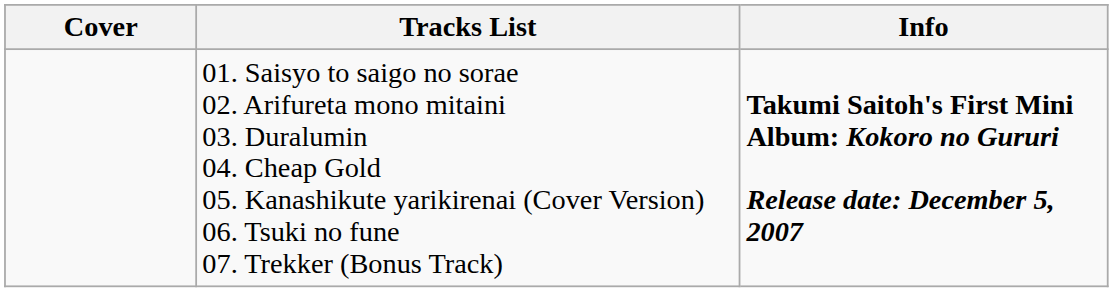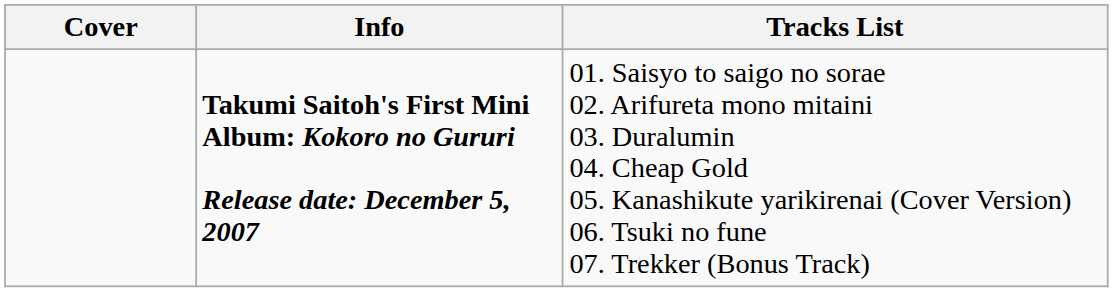 <table class="wikitable" style="margin: 1em auto 1em auto">
 <tr>
 <th width="100">Cover</th>
+<th width="200">Info</th>
 <th width="300">Tracks List</th>
-<th width="200">Info</th>
 </tr>
 <tr>
 <td></td>
+<td><strong>Takumi Saitoh's First Mini Album: <em>Kokoro no Gururi<strong><em>   <br><br> Release date: December 5, 2007</td>
 <td>01. Saisyo to saigo no sorae<br> 02. Arifureta mono mitaini<br> 03. Duralumin<br> 04. Cheap Gold<br> 05. Kanashikute yarikirenai (Cover Version)<br> 06. Tsuki no fune<br> 07. Trekker (Bonus Track)<br></td>
-<td><strong>Takumi Saitoh's First Mini Album: <em>Kokoro no Gururi<strong><em>   <br><br> Release date: December 5, 2007</td>
 </tr>
 </table>
